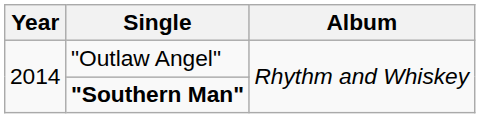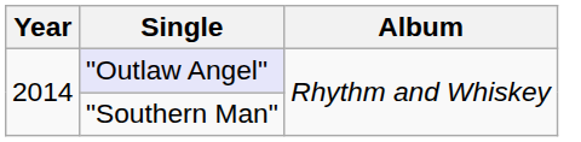 <table class="wikitable">
 <tr>
 <th>Year</th>
 <th>Single</th>
 <th>Album</th>
 </tr>
 <tr>
 <td rowspan="2">2014</td>
-<td>"Outlaw Angel"</td>
+<td style="background: lavender;">"Outlaw Angel"</td>
 <td rowspan="2"><em>Rhythm and Whiskey</em></td>
 </tr>
 <tr>
-<td><strong>"Southern Man"</strong></td>
+<td>"Southern Man"</td>
 </tr>
 </table>
